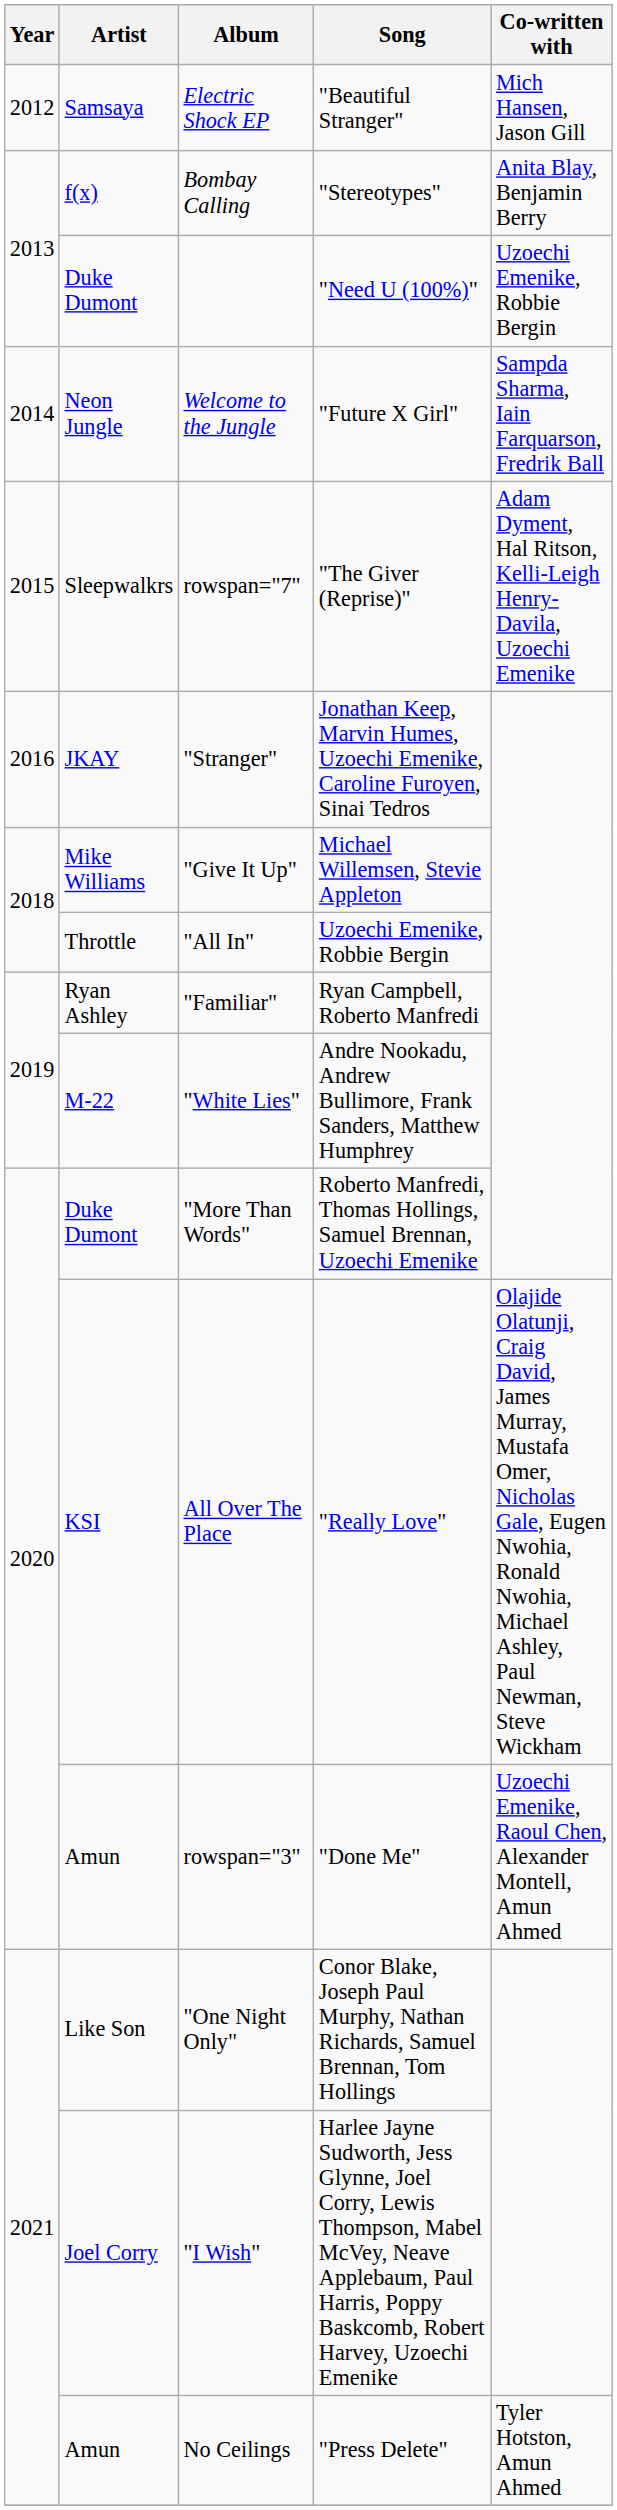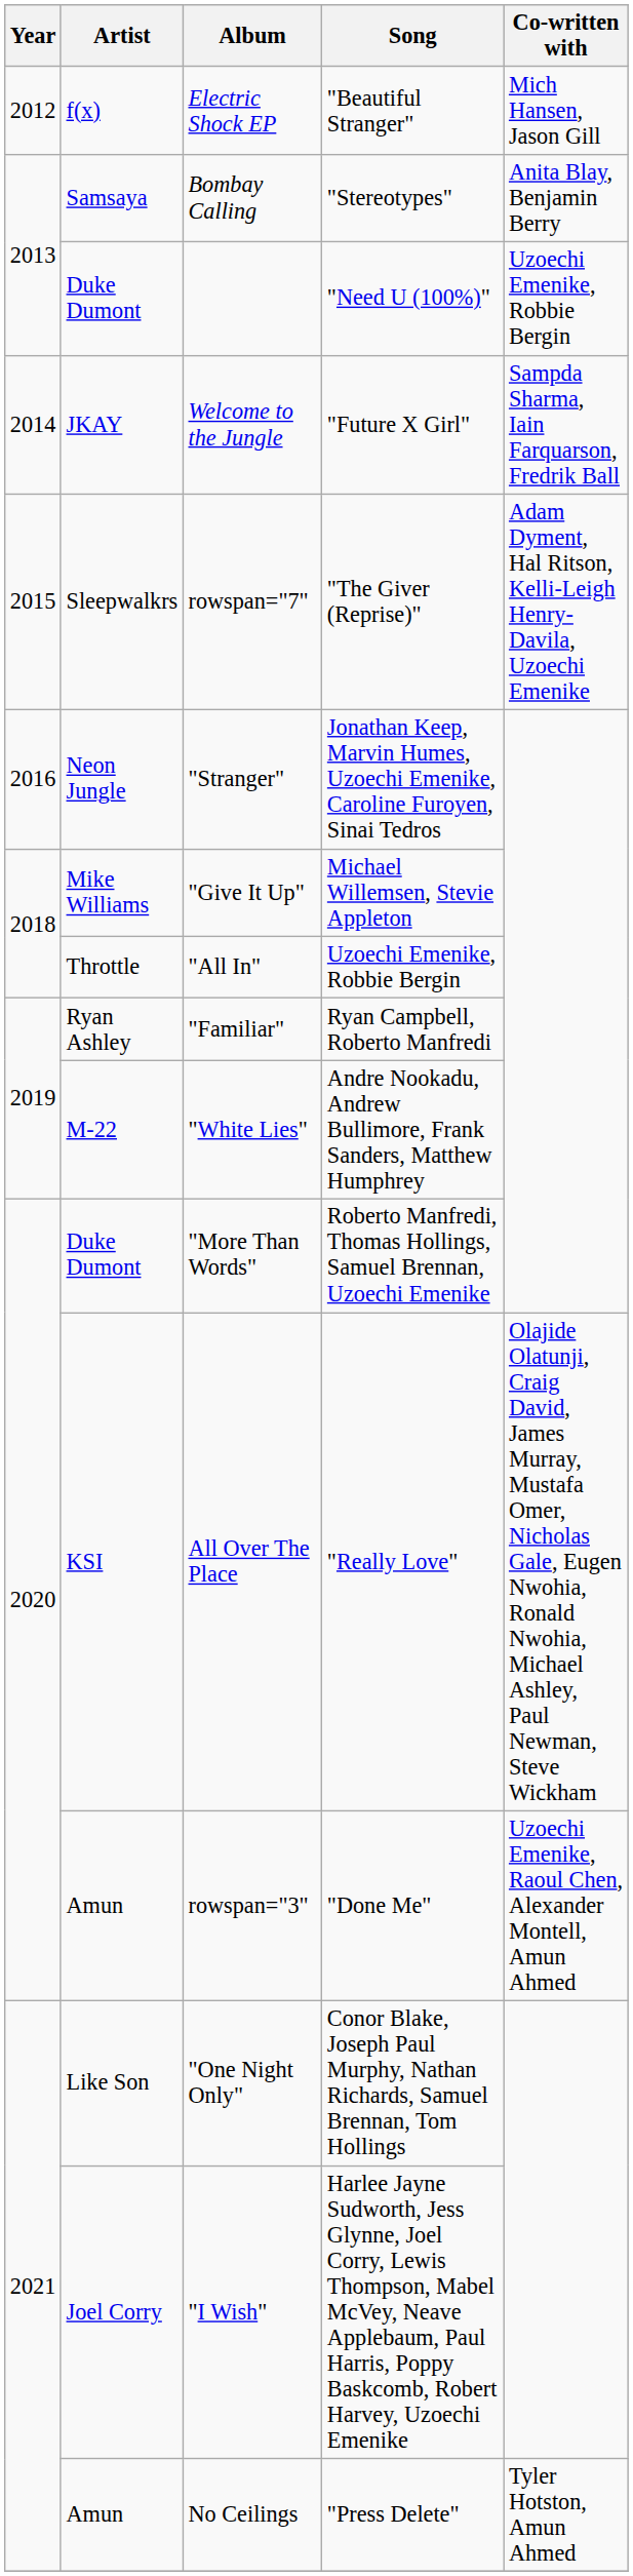 <table class="wikitable">
 <tr style="background:#ccc; text-align:center;">
 <th scope="col" align="center" style="width: 10px;"><strong>Year</strong></th>
 <th scope="col" style="width: 50px;"><strong>Artist</strong></th>
 <th scope="col" style="width: 90px;"><strong>Album</strong></th>
 <th scope="col" style="width: 120px;"><strong>Song</strong></th>
 <th scope="col" style="width: 80px;"><strong>Co-written with</strong></th>
 </tr>
 <tr>
 <td>2012</td>
-<td><a href='#'>Samsaya</a></td>
+<td><a href='#'>f(x)</a></td>
 <td><em><a href='#'>Electric Shock EP</a></em></td>
 <td>"Beautiful Stranger"</td>
 <td><a href='#'>Mich Hansen</a>, Jason Gill</td>
 </tr>
 <tr>
 <td rowspan="2">2013</td>
-<td><a href='#'>f(x)</a></td>
+<td><a href='#'>Samsaya</a></td>
 <td><em>Bombay Calling</em></td>
 <td>"Stereotypes"</td>
 <td><a href='#'>Anita Blay</a>, Benjamin Berry</td>
 </tr>
 <tr>
 <td><a href='#'>Duke Dumont</a></td>
 <td></td>
 <td>"<a href='#'>Need U (100%)</a>" </td>
 <td><a href='#'>Uzoechi Emenike</a>, Robbie Bergin</td>
 </tr>
 <tr>
 <td>2014</td>
-<td><a href='#'>Neon Jungle</a></td>
+<td><a href='#'>JKAY</a></td>
 <td><em><a href='#'>Welcome to the Jungle</a></em></td>
 <td>"Future X Girl"</td>
 <td><a href='#'>Sampda Sharma</a>, <a href='#'>Iain Farquarson</a>, <a href='#'>Fredrik Ball</a></td>
 </tr>
 <tr>
 <td>2015</td>
 <td>Sleepwalkrs</td>
 <td>rowspan="7" </td>
 <td>"The Giver (Reprise)"</td>
 <td><a href='#'>Adam Dyment</a>, Hal Ritson, <a href='#'>Kelli-Leigh Henry-Davila</a>, <a href='#'>Uzoechi Emenike</a></td>
 </tr>
 <tr>
 <td>2016</td>
-<td><a href='#'>JKAY</a></td>
+<td><a href='#'>Neon Jungle</a></td>
 <td>"Stranger"<br></td>
 <td><a href='#'>Jonathan Keep</a>, <a href='#'>Marvin Humes</a>, <a href='#'>Uzoechi Emenike</a>, <a href='#'>Caroline Furoyen</a>, Sinai Tedros</td>
 </tr>
 <tr>
 <td rowspan="2">2018</td>
 <td><a href='#'>Mike Williams</a></td>
 <td>"Give It Up"</td>
 <td><a href='#'>Michael Willemsen</a>, <a href='#'>Stevie Appleton</a></td>
 </tr>
 <tr>
 <td>Throttle</td>
 <td>"All In"</td>
 <td><a href='#'>Uzoechi Emenike</a>, Robbie Bergin</td>
 </tr>
 <tr>
 <td rowspan="2">2019</td>
 <td>Ryan Ashley</td>
 <td>"Familiar"</td>
 <td>Ryan Campbell, Roberto Manfredi</td>
 </tr>
 <tr>
 <td><a href='#'>M-22</a></td>
 <td>"<a href='#'>White Lies</a>"</td>
 <td>Andre Nookadu, Andrew Bullimore, Frank Sanders, Matthew Humphrey</td>
 </tr>
 <tr>
 <td rowspan="3">2020</td>
 <td><a href='#'>Duke Dumont</a></td>
 <td>"More Than Words"<br></td>
 <td>Roberto Manfredi, Thomas Hollings, Samuel Brennan, <a href='#'>Uzoechi Emenike</a></td>
 </tr>
 <tr>
 <td><a href='#'>KSI</a></td>
 <td><a href='#'>All Over The Place</a></td>
 <td>"<a href='#'>Really Love</a>" </td>
 <td><a href='#'>Olajide Olatunji</a>, <a href='#'>Craig David</a>, James Murray, Mustafa Omer, <a href='#'>Nicholas Gale</a>, Eugen Nwohia, Ronald Nwohia, Michael Ashley, Paul Newman, Steve Wickham</td>
 </tr>
 <tr>
 <td>Amun</td>
 <td>rowspan="3" </td>
 <td>"Done Me"</td>
 <td><a href='#'>Uzoechi Emenike</a>, <a href='#'>Raoul Chen</a>, Alexander Montell, Amun Ahmed</td>
 </tr>
 <tr>
 <td rowspan="3">2021</td>
 <td>Like Son</td>
 <td>"One Night Only"</td>
 <td>Conor Blake, Joseph Paul Murphy, Nathan Richards, Samuel Brennan, Tom Hollings</td>
 </tr>
 <tr>
 <td><a href='#'>Joel Corry</a></td>
 <td>"<a href='#'>I Wish</a>" </td>
 <td>Harlee Jayne Sudworth, Jess Glynne, Joel Corry, Lewis Thompson, Mabel McVey, Neave Applebaum, Paul Harris, Poppy Baskcomb, Robert Harvey, Uzoechi Emenike</td>
 </tr>
 <tr>
 <td>Amun</td>
 <td>No Ceilings</td>
 <td>"Press Delete"</td>
 <td>Tyler Hotston, Amun Ahmed</td>
 </tr>
 <tr>
 </tr>
 </table>
